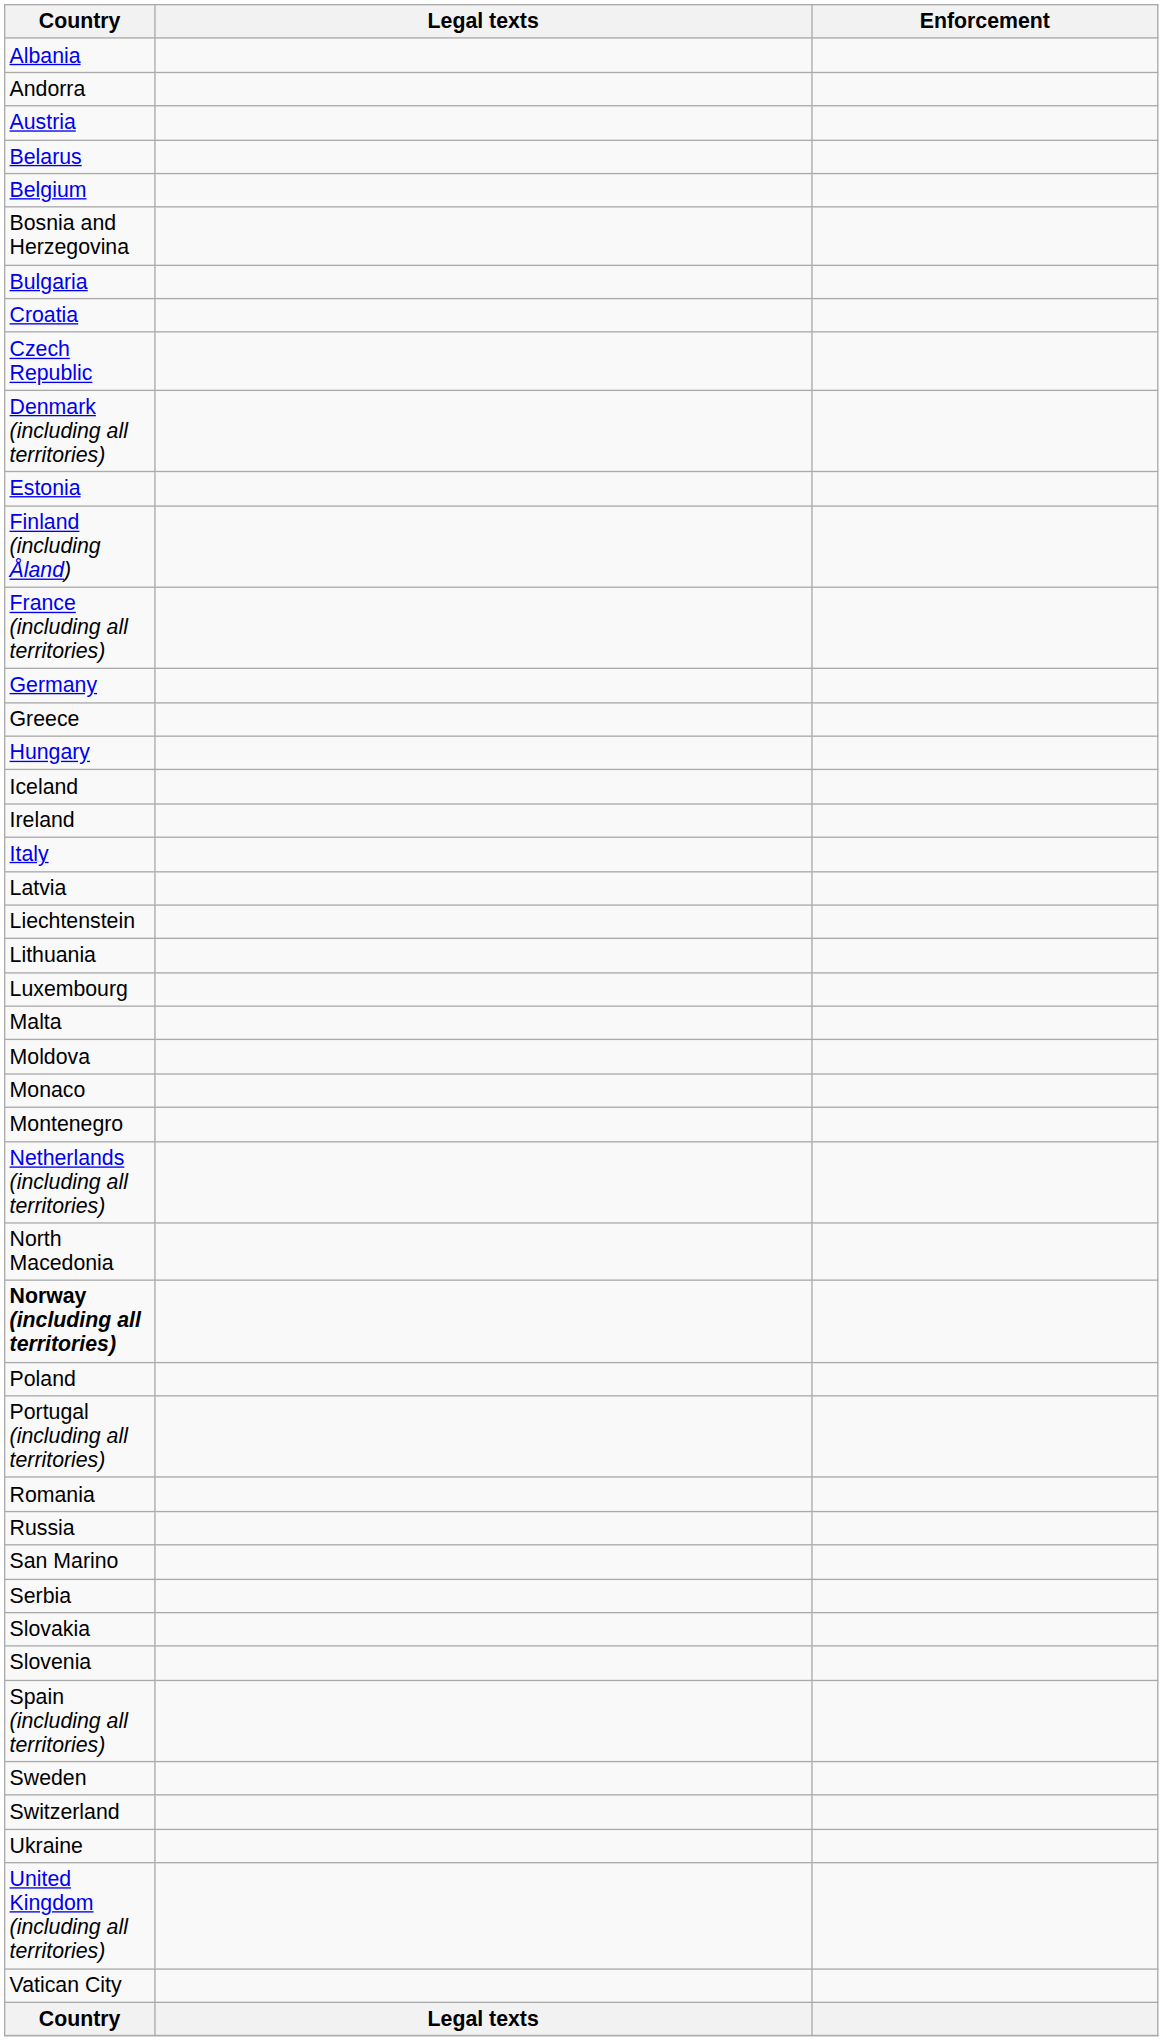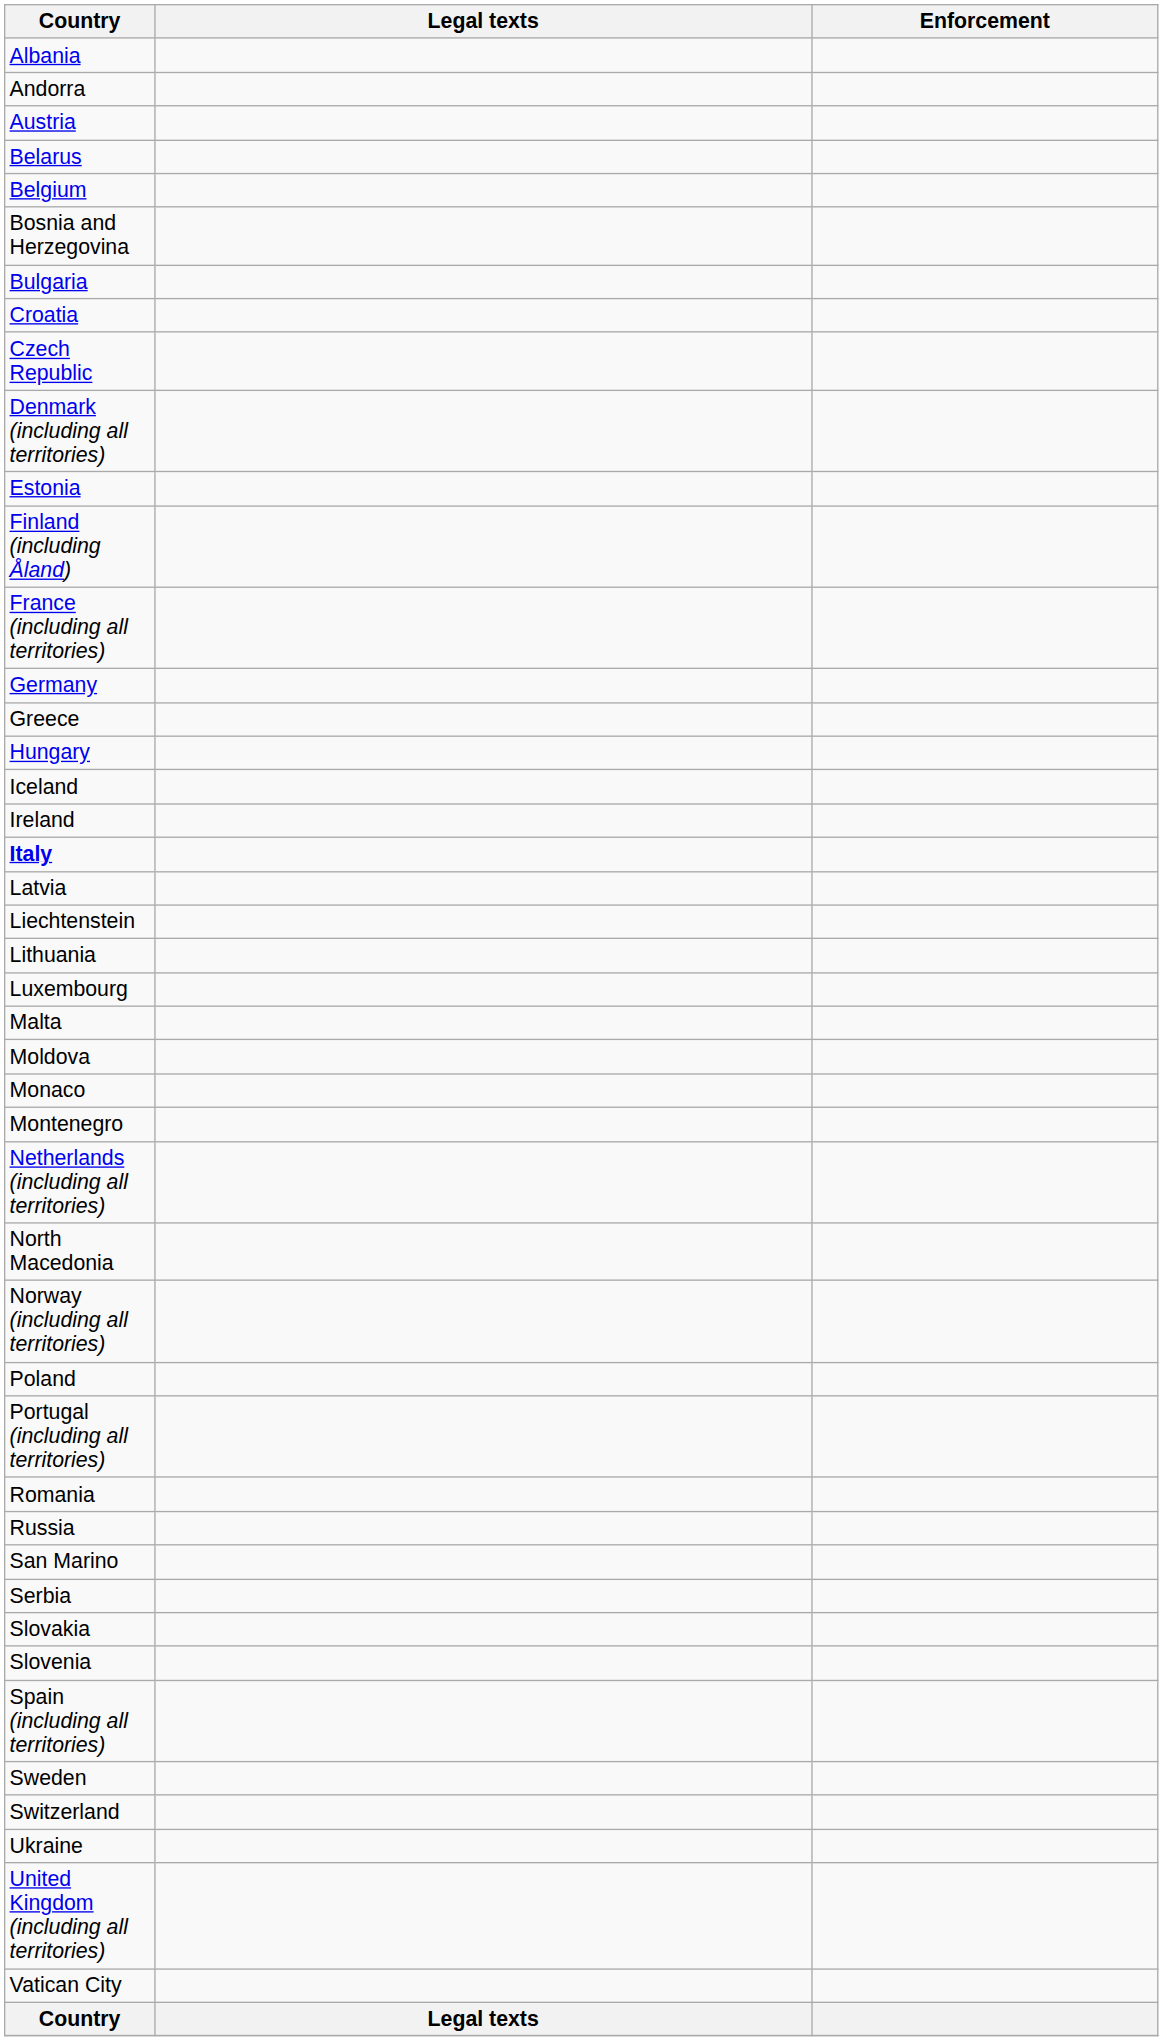 <table class="wikitable sortable">
 <tr>
 <th style="width: 13%">Country</th>
 <th style="width: 57%" class="unsortable">Legal texts</th>
 <th>Enforcement</th>
 </tr>
 <tr>
 <td> <a href='#'>Albania</a></td>
 <td></td>
 <td></td>
 </tr>
 <tr>
 <td> Andorra</td>
 <td></td>
 <td></td>
 </tr>
 <tr>
 <td> <a href='#'>Austria</a></td>
 <td></td>
 <td></td>
 </tr>
 <tr>
 <td> <a href='#'>Belarus</a></td>
 <td><br></td>
 <td></td>
 </tr>
 <tr>
 <td> <a href='#'>Belgium</a></td>
 <td></td>
 <td></td>
 </tr>
 <tr>
 <td> Bosnia and Herzegovina</td>
 <td></td>
 <td></td>
 </tr>
 <tr>
 <td> <a href='#'>Bulgaria</a></td>
 <td></td>
 <td></td>
 </tr>
 <tr>
 <td> <a href='#'>Croatia</a></td>
 <td></td>
 <td></td>
 </tr>
 <tr>
 <td> <a href='#'>Czech Republic</a></td>
 <td></td>
 <td></td>
 </tr>
 <tr>
 <td> <a href='#'>Denmark</a> <br><em>(including all territories)</em></td>
 <td></td>
 <td></td>
 </tr>
 <tr>
 <td> <a href='#'>Estonia</a></td>
 <td></td>
 <td></td>
 </tr>
 <tr>
 <td> <a href='#'>Finland</a><br><em>(including <a href='#'>Åland</a>)</em></td>
 <td></td>
 <td></td>
 </tr>
 <tr>
 <td> <a href='#'>France</a> <br><em>(including all territories)</em></td>
 <td></td>
 <td></td>
 </tr>
 <tr>
 <td> <a href='#'>Germany</a></td>
 <td></td>
 <td></td>
 </tr>
 <tr>
 <td> Greece</td>
 <td></td>
 <td></td>
 </tr>
 <tr>
 <td> <a href='#'>Hungary</a></td>
 <td></td>
 <td></td>
 </tr>
 <tr>
 <td> Iceland</td>
 <td></td>
 <td></td>
 </tr>
 <tr>
 <td> Ireland</td>
 <td></td>
 <td></td>
 </tr>
 <tr>
-<td> <a href='#'>Italy</a></td>
+<td><strong> <a href='#'>Italy</a></strong></td>
 <td></td>
 <td></td>
 </tr>
 <tr>
 <td> Latvia</td>
 <td></td>
 <td></td>
 </tr>
 <tr>
 <td> Liechtenstein</td>
 <td></td>
 <td></td>
 </tr>
 <tr>
 <td> Lithuania</td>
 <td></td>
 <td></td>
 </tr>
 <tr>
 <td> Luxembourg</td>
 <td></td>
 <td></td>
 </tr>
 <tr>
 <td> Malta</td>
 <td></td>
 <td></td>
 </tr>
 <tr>
 <td> Moldova</td>
 <td><br></td>
 <td></td>
 </tr>
 <tr>
 <td> Monaco</td>
 <td></td>
 <td></td>
 </tr>
 <tr>
 <td> Montenegro</td>
 <td></td>
 <td></td>
 </tr>
 <tr>
 <td> <a href='#'>Netherlands</a><br> <em>(including all territories)</em></td>
 <td><br> </td>
 <td></td>
 </tr>
 <tr>
 <td> North Macedonia</td>
 <td></td>
 <td></td>
 </tr>
 <tr>
-<td><strong> Norway <br><em>(including all territories)</em></strong></td>
+<td> Norway <br><em>(including all territories)</em></td>
 <td></td>
 <td></td>
 </tr>
 <tr>
 <td> Poland</td>
 <td></td>
 <td></td>
 </tr>
 <tr>
 <td> Portugal <br><em>(including all territories)</em></td>
 <td></td>
 <td></td>
 </tr>
 <tr>
 <td> Romania</td>
 <td></td>
 <td></td>
 </tr>
 <tr>
 <td> Russia</td>
 <td></td>
 <td></td>
 </tr>
 <tr>
 <td> San Marino</td>
 <td></td>
 <td></td>
 </tr>
 <tr>
 <td> Serbia</td>
 <td></td>
 <td></td>
 </tr>
 <tr>
 <td> Slovakia</td>
 <td></td>
 <td></td>
 </tr>
 <tr>
 <td> Slovenia</td>
 <td></td>
 <td></td>
 </tr>
 <tr>
 <td> Spain<br><em>(including all territories)</em></td>
 <td></td>
 <td></td>
 </tr>
 <tr>
 <td> Sweden</td>
 <td></td>
 <td></td>
 </tr>
 <tr>
 <td> Switzerland</td>
 <td></td>
 <td></td>
 </tr>
 <tr>
 <td> Ukraine</td>
 <td></td>
 <td></td>
 </tr>
 <tr>
 <td> <a href='#'>United Kingdom</a> <em>(including all territories)</em></td>
 <td></td>
 <td></td>
 </tr>
 <tr>
 <td> Vatican City</td>
 <td></td>
 <td></td>
 </tr>
 <tr>
 <th style="width: 13%">Country</th>
 <th style="width: 57%" class="unsortable">Legal texts</th>
 <th></th>
 </tr>
 <tr>
 </tr>
 </table>
